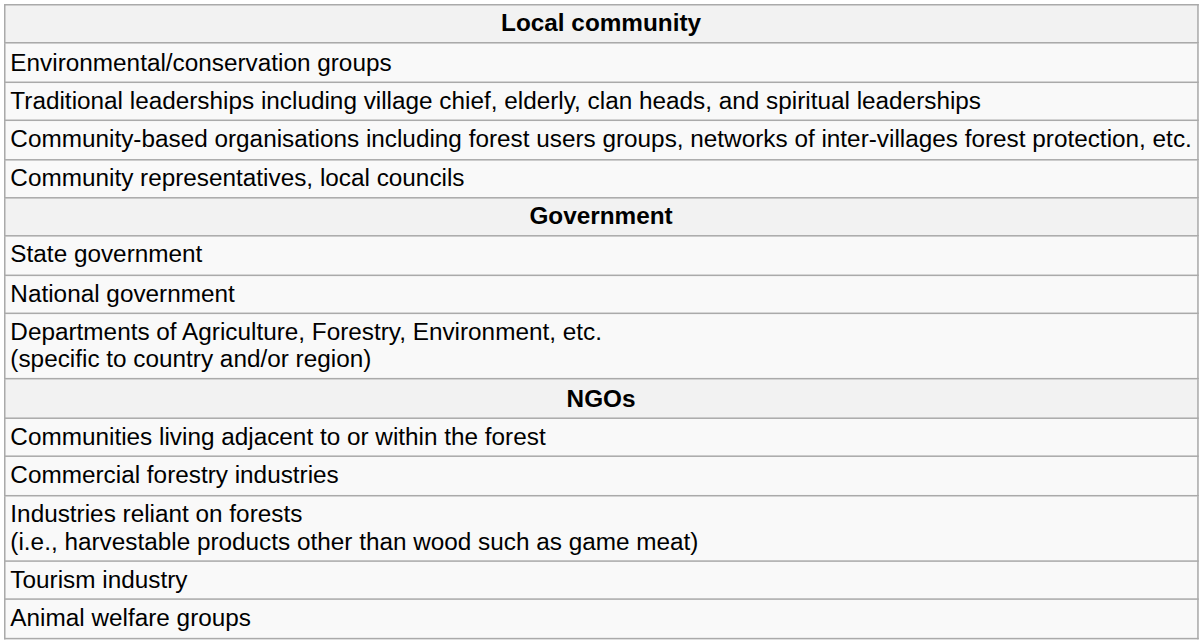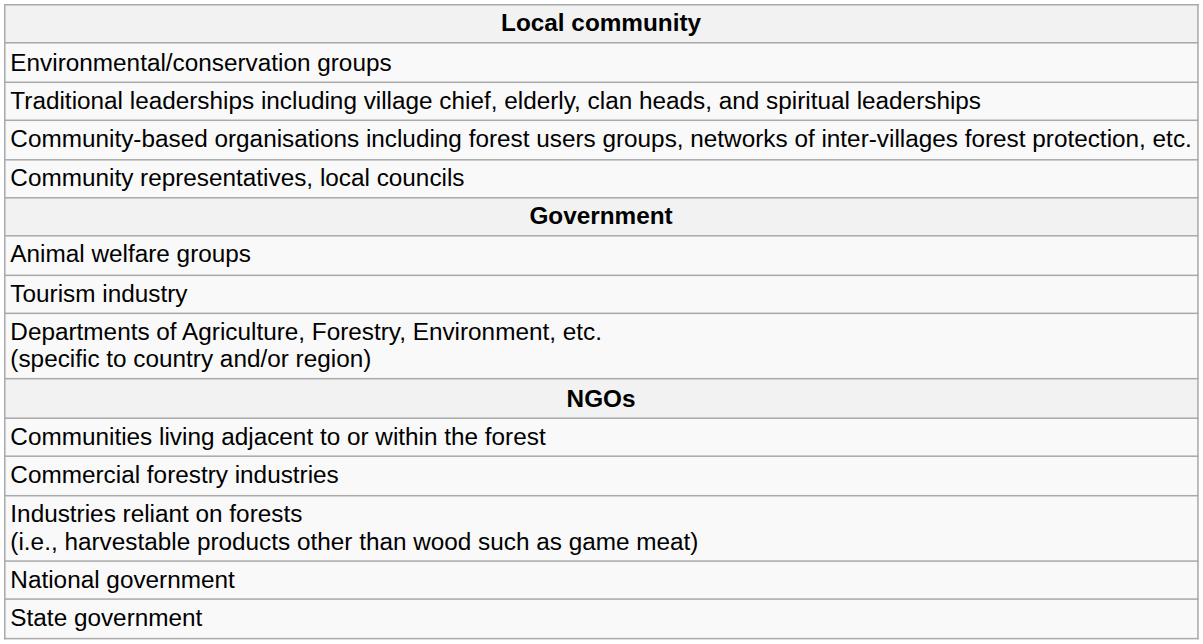 <table class="wikitable">
 <tr>
 <th>Local community</th>
 </tr>
 <tr>
 <td>Environmental/conservation groups</td>
 </tr>
 <tr>
 <td>Traditional leaderships including village chief, elderly, clan heads, and spiritual leaderships</td>
 </tr>
 <tr>
 <td>Community-based organisations including forest users groups, networks of inter-villages forest protection, etc.</td>
 </tr>
 <tr>
 <td>Community representatives, local councils</td>
 </tr>
 <tr>
 <th>Government</th>
 </tr>
 <tr>
-<td>State government</td>
+<td>Animal welfare groups</td>
 </tr>
 <tr>
-<td>National government</td>
+<td>Tourism industry</td>
 </tr>
 <tr>
 <td>Departments of Agriculture, Forestry, Environment, etc.<br>(specific to country and/or region)</td>
 </tr>
 <tr>
 <th>NGOs</th>
 </tr>
 <tr>
 <td>Communities living adjacent to or within the forest</td>
 </tr>
 <tr>
 <td>Commercial forestry industries</td>
 </tr>
 <tr>
 <td>Industries reliant on forests<br>(i.e., harvestable products other than wood such as game meat)</td>
 </tr>
 <tr>
-<td>Tourism industry</td>
+<td>National government</td>
 </tr>
 <tr>
-<td>Animal welfare groups</td>
+<td>State government</td>
 </tr>
 </table>
